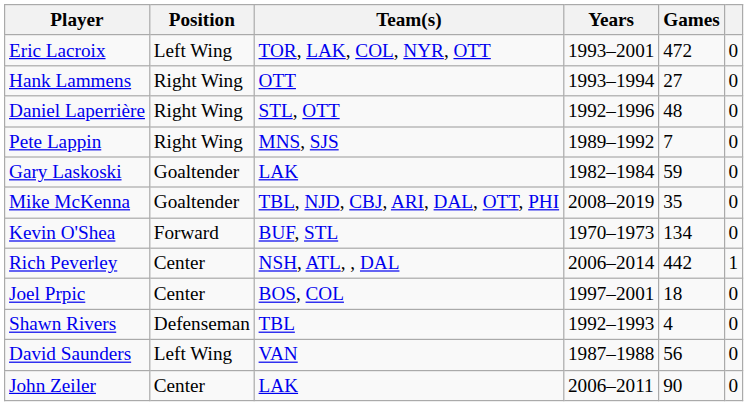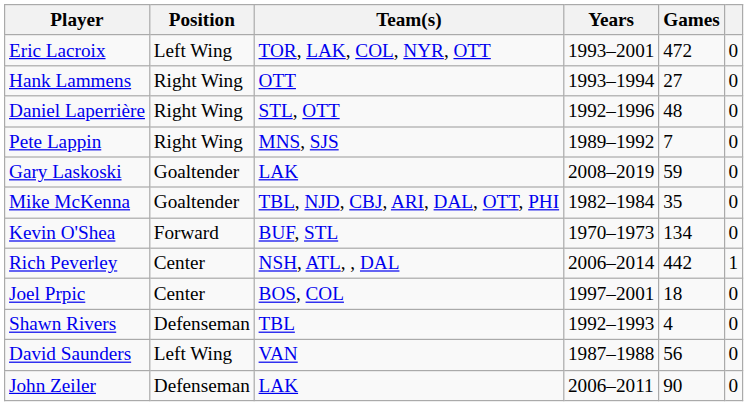 <table class="wikitable sortable">
 <tr>
 <th>Player</th>
 <th>Position</th>
 <th>Team(s)</th>
 <th>Years</th>
 <th>Games</th>
 <th><a href='#'></a></th>
 </tr>
 <tr>
 <td><a href='#'>Eric Lacroix</a></td>
 <td>Left Wing</td>
 <td><a href='#'>TOR</a>, <a href='#'>LAK</a>, <a href='#'>COL</a>, <a href='#'>NYR</a>, <a href='#'>OTT</a></td>
 <td>1993–2001</td>
 <td>472</td>
 <td>0</td>
 </tr>
 <tr>
 <td><a href='#'>Hank Lammens</a></td>
 <td>Right Wing</td>
 <td><a href='#'>OTT</a></td>
 <td>1993–1994</td>
 <td>27</td>
 <td>0</td>
 </tr>
 <tr>
 <td><a href='#'>Daniel Laperrière</a></td>
 <td>Right Wing</td>
 <td><a href='#'>STL</a>, <a href='#'>OTT</a></td>
 <td>1992–1996</td>
 <td>48</td>
 <td>0</td>
 </tr>
 <tr>
 <td><a href='#'>Pete Lappin</a></td>
 <td>Right Wing</td>
 <td><a href='#'>MNS</a>, <a href='#'>SJS</a></td>
 <td>1989–1992</td>
 <td>7</td>
 <td>0</td>
 </tr>
 <tr>
 <td><a href='#'>Gary Laskoski</a></td>
 <td>Goaltender</td>
 <td><a href='#'>LAK</a></td>
-<td>1982–1984</td>
+<td>2008–2019</td>
 <td>59</td>
 <td>0</td>
 </tr>
 <tr>
 <td><a href='#'>Mike McKenna</a></td>
 <td>Goaltender</td>
 <td><a href='#'>TBL</a>, <a href='#'>NJD</a>, <a href='#'>CBJ</a>, <a href='#'>ARI</a>, <a href='#'>DAL</a>, <a href='#'>OTT</a>, <a href='#'>PHI</a></td>
-<td>2008–2019</td>
+<td>1982–1984</td>
 <td>35</td>
 <td>0</td>
 </tr>
 <tr>
 <td><a href='#'>Kevin O'Shea</a></td>
 <td>Forward</td>
 <td><a href='#'>BUF</a>, <a href='#'>STL</a></td>
 <td>1970–1973</td>
 <td>134</td>
 <td>0</td>
 </tr>
 <tr>
 <td><a href='#'>Rich Peverley</a></td>
 <td>Center</td>
 <td><a href='#'>NSH</a>, <a href='#'>ATL</a>, <span><strong></strong></span>, <a href='#'>DAL</a></td>
 <td>2006–2014</td>
 <td>442</td>
 <td>1</td>
 </tr>
 <tr>
 <td><a href='#'>Joel Prpic</a></td>
 <td>Center</td>
 <td><a href='#'>BOS</a>, <a href='#'>COL</a></td>
 <td>1997–2001</td>
 <td>18</td>
 <td>0</td>
 </tr>
 <tr>
 <td><a href='#'>Shawn Rivers</a></td>
 <td>Defenseman</td>
 <td><a href='#'>TBL</a></td>
 <td>1992–1993</td>
 <td>4</td>
 <td>0</td>
 </tr>
 <tr>
 <td><a href='#'>David Saunders</a></td>
 <td>Left Wing</td>
 <td><a href='#'>VAN</a></td>
 <td>1987–1988</td>
 <td>56</td>
 <td>0</td>
 </tr>
 <tr>
 <td><a href='#'>John Zeiler</a></td>
-<td>Center</td>
+<td>Defenseman</td>
 <td><a href='#'>LAK</a></td>
 <td>2006–2011</td>
 <td>90</td>
 <td>0</td>
 </tr>
 </table>
